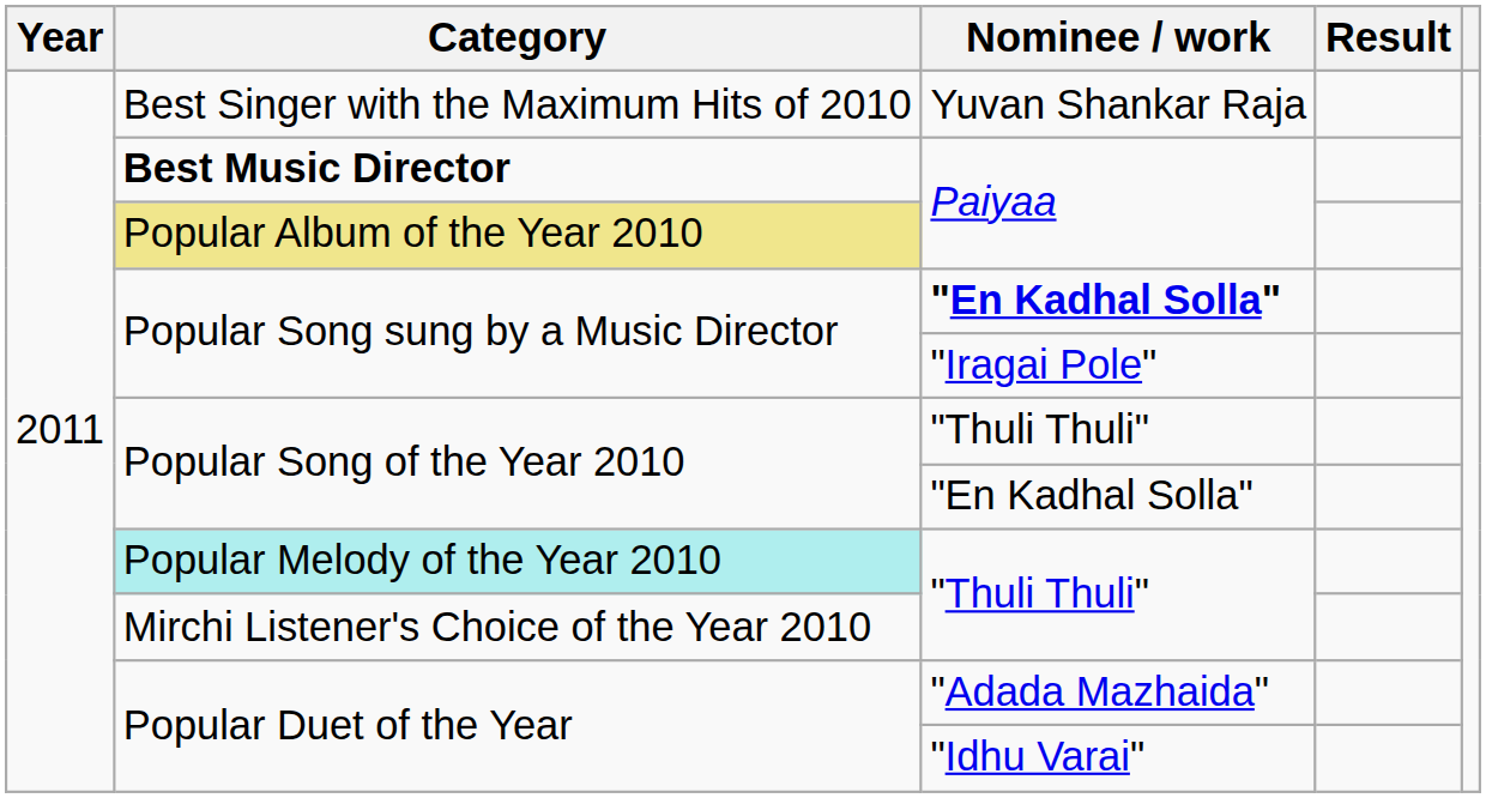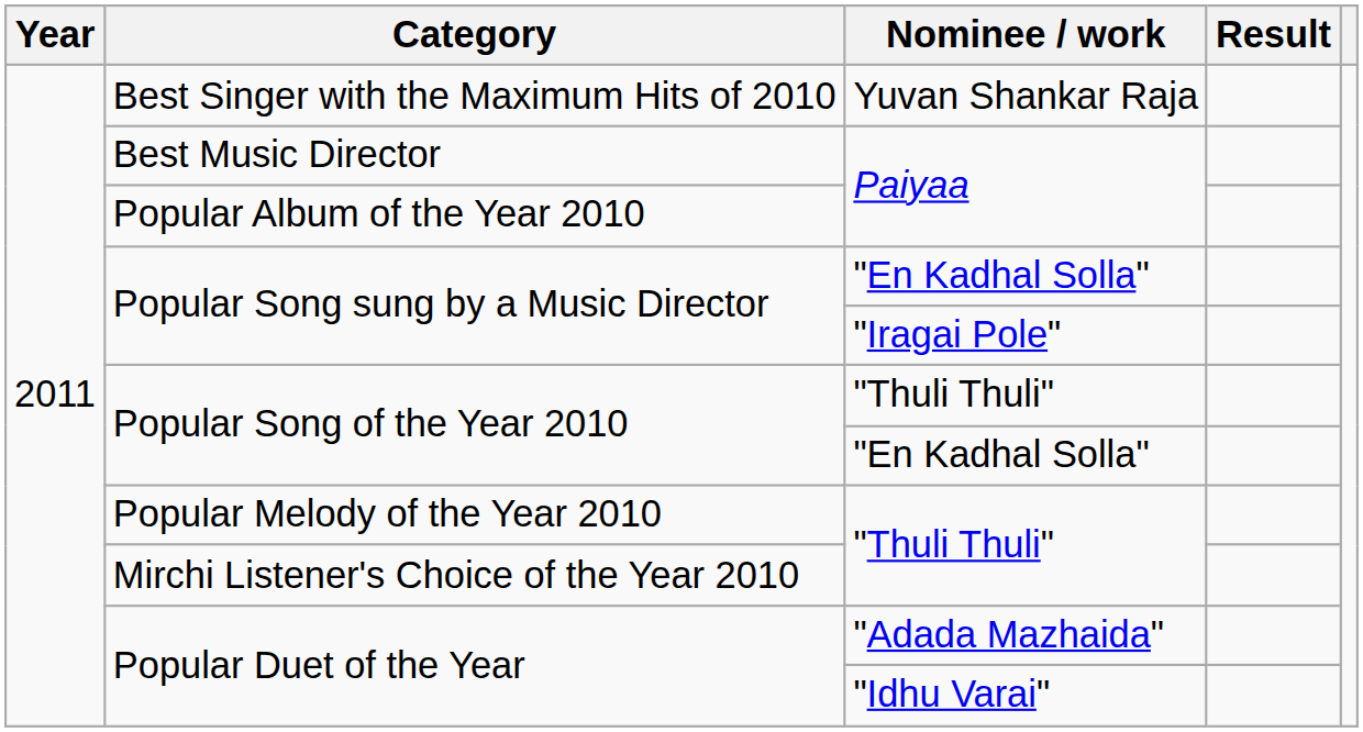 <table class="wikitable">
 <tr>
 <th>Year</th>
 <th>Category</th>
 <th>Nominee / work</th>
 <th>Result</th>
 <th></th>
 </tr>
 <tr>
 <td rowspan="11">2011</td>
 <td>Best Singer with the Maximum Hits of 2010</td>
 <td>Yuvan Shankar Raja</td>
 <td></td>
 <td rowspan="11"></td>
 </tr>
 <tr>
-<td><strong>Best Music Director</strong></td>
+<td>Best Music Director</td>
 <td rowspan="2"><em><a href='#'>Paiyaa</a></em></td>
 <td></td>
 </tr>
 <tr>
-<td style="background: khaki;">Popular Album of the Year 2010</td>
+<td>Popular Album of the Year 2010</td>
 <td></td>
 </tr>
 <tr>
 <td rowspan="2">Popular Song sung by a Music Director</td>
-<td><strong>"<a href='#'>En Kadhal Solla</a>"</strong></td>
+<td>"<a href='#'>En Kadhal Solla</a>"</td>
 <td></td>
 </tr>
 <tr>
 <td>"<a href='#'>Iragai Pole</a>"</td>
 <td></td>
 </tr>
 <tr>
 <td rowspan="2">Popular Song of the Year 2010</td>
 <td>"Thuli Thuli"</td>
 <td></td>
 </tr>
 <tr>
 <td>"En Kadhal Solla"</td>
 <td></td>
 </tr>
 <tr>
-<td style="background: paleturquoise;">Popular Melody of the Year 2010</td>
+<td>Popular Melody of the Year 2010</td>
 <td rowspan="2">"<a href='#'>Thuli Thuli</a>"</td>
 <td></td>
 </tr>
 <tr>
 <td>Mirchi Listener's Choice of the Year 2010</td>
 <td></td>
 </tr>
 <tr>
 <td rowspan="2">Popular Duet of the Year</td>
 <td>"<a href='#'>Adada Mazhaida</a>"</td>
 <td></td>
 </tr>
 <tr>
 <td>"<a href='#'>Idhu Varai</a>"</td>
 <td></td>
 </tr>
 </table>
